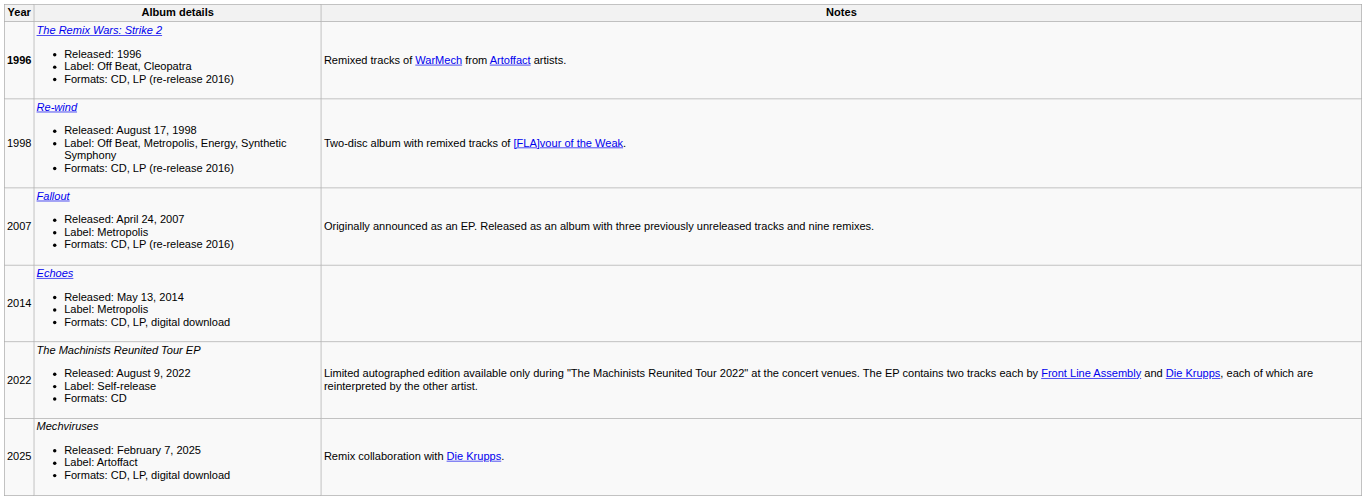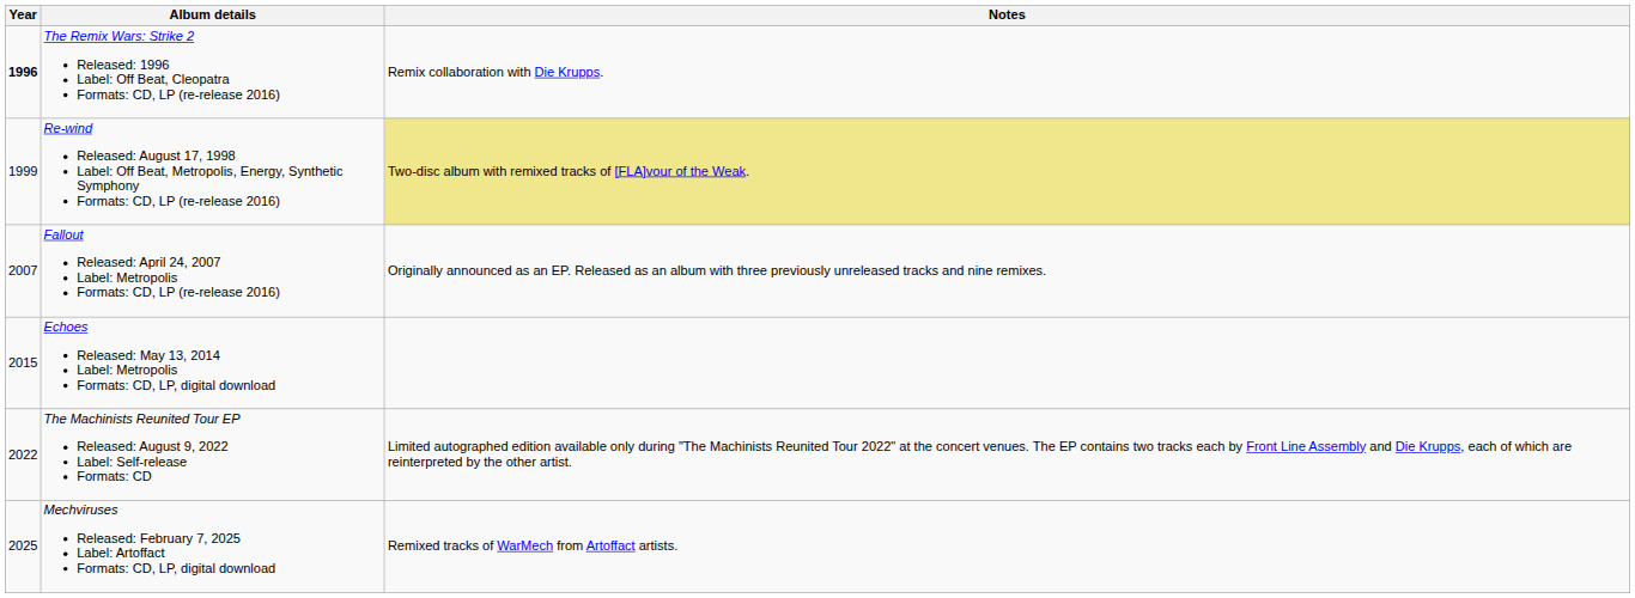 <table class="wikitable">
 <tr>
 <th>Year</th>
 <th>Album details</th>
 <th>Notes</th>
 </tr>
 <tr>
 <td><strong>1996</strong></td>
 <td><em><a href='#'>The Remix Wars: Strike 2</a></em><br><ul><li>Released: 1996</li><li>Label: Off Beat, Cleopatra</li><li>Formats: CD, LP (re-release 2016)</li></ul></td>
-<td>Remixed tracks of <a href='#'>WarMech</a> from <a href='#'>Artoffact</a> artists.</td>
+<td>Remix collaboration with <a href='#'>Die Krupps</a>.</td>
 </tr>
 <tr>
-<td>1998</td>
+<td>1999</td>
 <td><em><a href='#'>Re-wind</a></em><br><ul><li>Released: August 17, 1998</li><li>Label: Off Beat, Metropolis, Energy, Synthetic Symphony</li><li>Formats: CD, LP (re-release 2016)</li></ul></td>
-<td>Two-disc album with remixed tracks of <a href='#'>[FLA]vour of the Weak</a>.</td>
+<td style="background: khaki;">Two-disc album with remixed tracks of <a href='#'>[FLA]vour of the Weak</a>.</td>
 </tr>
 <tr>
 <td>2007</td>
 <td><em><a href='#'>Fallout</a></em><br><ul><li>Released: April 24, 2007</li><li>Label: Metropolis</li><li>Formats: CD, LP (re-release 2016)</li></ul></td>
 <td>Originally announced as an EP. Released as an album with three previously unreleased tracks and nine remixes.</td>
 </tr>
 <tr>
-<td>2014</td>
+<td>2015</td>
 <td><em><a href='#'>Echoes</a></em><br><ul><li>Released: May 13, 2014</li><li>Label: Metropolis</li><li>Formats: CD, LP, digital download</li></ul></td>
 <td></td>
 </tr>
 <tr>
 <td>2022</td>
 <td><em>The Machinists Reunited Tour EP</em><br><ul><li>Released: August 9, 2022</li><li>Label: Self-release</li><li>Formats: CD</li></ul></td>
 <td>Limited autographed edition available only during "The Machinists Reunited Tour 2022" at the concert venues. The EP contains two tracks each by <a href='#'>Front Line Assembly</a> and <a href='#'>Die Krupps</a>, each of which are reinterpreted by the other artist.</td>
 </tr>
 <tr>
 <td>2025</td>
 <td><em>Mechviruses</em><br><ul><li>Released: February 7, 2025</li><li>Label: Artoffact</li><li>Formats: CD, LP, digital download</li></ul></td>
-<td>Remix collaboration with <a href='#'>Die Krupps</a>.</td>
+<td>Remixed tracks of <a href='#'>WarMech</a> from <a href='#'>Artoffact</a> artists.</td>
 </tr>
 </table>
